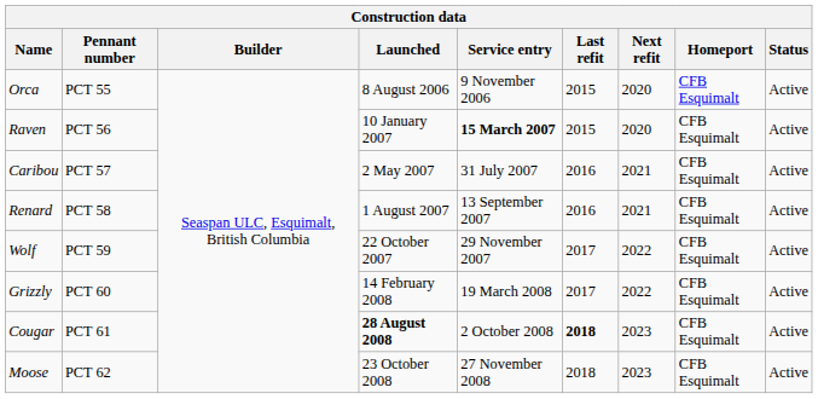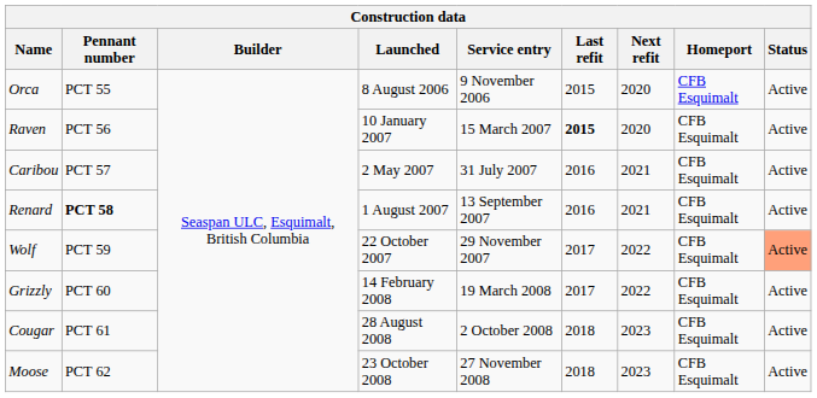 <table class="wikitable">
 <tr>
 <th colspan="9" align="center">Construction data</th>
 </tr>
 <tr>
 <th>Name</th>
 <th>Pennant number</th>
 <th>Builder</th>
 <th>Launched</th>
 <th>Service entry</th>
 <th>Last refit</th>
 <th>Next refit</th>
 <th>Homeport</th>
 <th>Status</th>
 </tr>
 <tr>
 <td><em>Orca</em></td>
 <td>PCT 55</td>
 <td rowspan="8" align="center"><a href='#'>Seaspan ULC</a>, <a href='#'>Esquimalt</a>, British Columbia</td>
 <td>8 August 2006</td>
 <td>9 November 2006</td>
 <td>2015</td>
 <td>2020</td>
 <td><a href='#'>CFB Esquimalt</a></td>
 <td>Active</td>
 </tr>
 <tr>
 <td><em>Raven</em></td>
 <td>PCT 56</td>
 <td>10 January 2007</td>
-<td><strong>15 March 2007</strong></td>
-<td>2015</td>
+<td>15 March 2007</td>
+<td><strong>2015</strong></td>
 <td>2020</td>
 <td>CFB Esquimalt</td>
 <td>Active</td>
 </tr>
 <tr>
 <td><em>Caribou</em></td>
 <td>PCT 57</td>
 <td>2 May 2007</td>
 <td>31 July 2007</td>
 <td>2016</td>
 <td>2021</td>
 <td>CFB Esquimalt</td>
 <td>Active</td>
 </tr>
 <tr>
 <td><em>Renard</em></td>
-<td>PCT 58</td>
+<td><strong>PCT 58</strong></td>
 <td>1 August 2007</td>
 <td>13 September 2007</td>
 <td>2016</td>
 <td>2021</td>
 <td>CFB Esquimalt</td>
 <td>Active</td>
 </tr>
 <tr>
 <td><em>Wolf</em></td>
 <td>PCT 59</td>
 <td>22 October 2007</td>
 <td>29 November 2007</td>
 <td>2017</td>
 <td>2022</td>
 <td>CFB Esquimalt</td>
-<td>Active</td>
+<td style="background: lightsalmon;">Active</td>
 </tr>
 <tr>
 <td><em>Grizzly</em></td>
 <td>PCT 60</td>
 <td>14 February 2008</td>
 <td>19 March 2008</td>
 <td>2017</td>
 <td>2022</td>
 <td>CFB Esquimalt</td>
 <td>Active</td>
 </tr>
 <tr>
 <td><em>Cougar</em></td>
 <td>PCT 61</td>
-<td><strong>28 August 2008</strong></td>
+<td>28 August 2008</td>
 <td>2 October 2008</td>
-<td><strong>2018</strong></td>
+<td>2018</td>
 <td>2023</td>
 <td>CFB Esquimalt</td>
 <td>Active</td>
 </tr>
 <tr>
 <td><em>Moose</em></td>
 <td>PCT 62</td>
 <td>23 October 2008</td>
 <td>27 November 2008</td>
 <td>2018</td>
 <td>2023</td>
 <td>CFB Esquimalt</td>
 <td>Active</td>
 </tr>
 </table>
